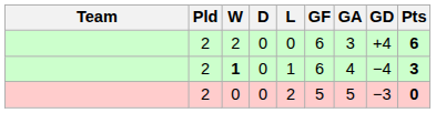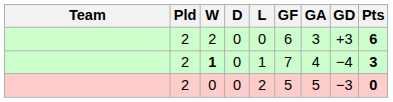 <table class="wikitable" style="text-align:center;">
 <tr>
 <th width=175>Team</th>
 <th width=20 abbr="Played">Pld</th>
 <th width=20 abbr="Won">W</th>
 <th width=20 abbr="Drawn">D</th>
 <th width=20 abbr="Lost">L</th>
 <th width=20 abbr="Goals for">GF</th>
 <th width=20 abbr="Goals against">GA</th>
 <th width=20 abbr="Goal difference">GD</th>
 <th width=20 abbr="Points">Pts</th>
 </tr>
 <tr bgcolor=#ccffcc>
 <td align=left></td>
 <td>2</td>
 <td>2</td>
 <td>0</td>
 <td>0</td>
 <td>6</td>
 <td>3</td>
-<td>+4</td>
+<td>+3</td>
 <td><strong>6</strong></td>
 </tr>
 <tr bgcolor=#ccffcc>
 <td align=left></td>
 <td>2</td>
 <td><strong>1</strong></td>
 <td>0</td>
 <td>1</td>
-<td>6</td>
+<td>7</td>
 <td>4</td>
 <td>−4</td>
 <td><strong>3</strong></td>
 </tr>
 <tr bgcolor=#ffcccc>
 <td align=left></td>
 <td>2</td>
 <td>0</td>
 <td>0</td>
 <td>2</td>
 <td>5</td>
 <td>5</td>
 <td>−3</td>
 <td><strong>0</strong></td>
 </tr>
 </table>
